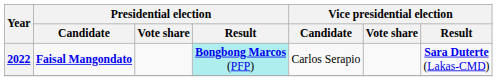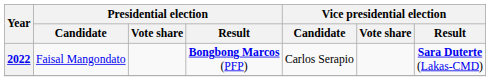 <table class="wikitable" style="text-align:center; font-size:90%">
 <tr>
 <th rowspan=2>Year</th>
 <th colspan=3>Presidential election</th>
 <th colspan=3>Vice presidential election</th>
 </tr>
 <tr>
 <th>Candidate</th>
 <th>Vote share</th>
 <th>Result</th>
 <th>Candidate</th>
 <th>Vote share</th>
 <th>Result</th>
 </tr>
 <tr>
 <th><a href='#'>2022</a></th>
-<td><strong><a href='#'>Faisal Mangondato</a></strong></td>
+<td><a href='#'>Faisal Mangondato</a></td>
 <td></td>
-<td style="background: paleturquoise;"><strong><a href='#'>Bongbong Marcos</a></strong><br>(<a href='#'>PFP</a>)</td>
+<td><strong><a href='#'>Bongbong Marcos</a></strong><br>(<a href='#'>PFP</a>)</td>
 <td>Carlos Serapio</td>
 <td></td>
 <td><strong><a href='#'>Sara Duterte</a></strong><br>(<a href='#'>Lakas-CMD</a>)</td>
 </tr>
 <tr>
 </tr>
 </table>
